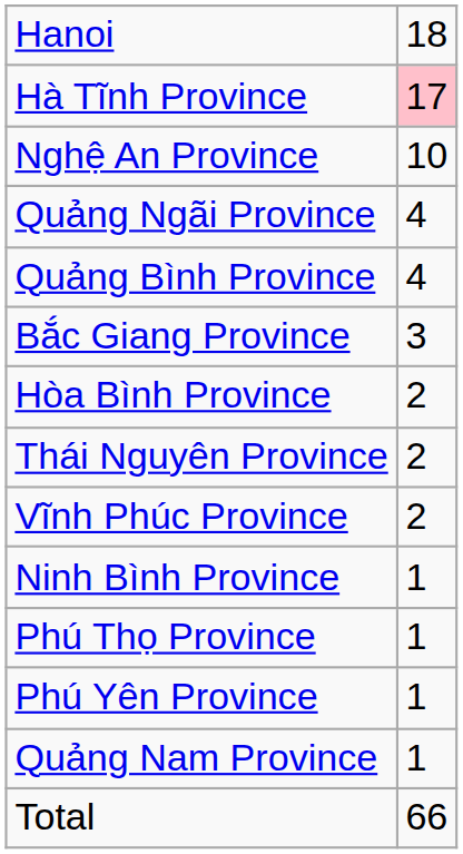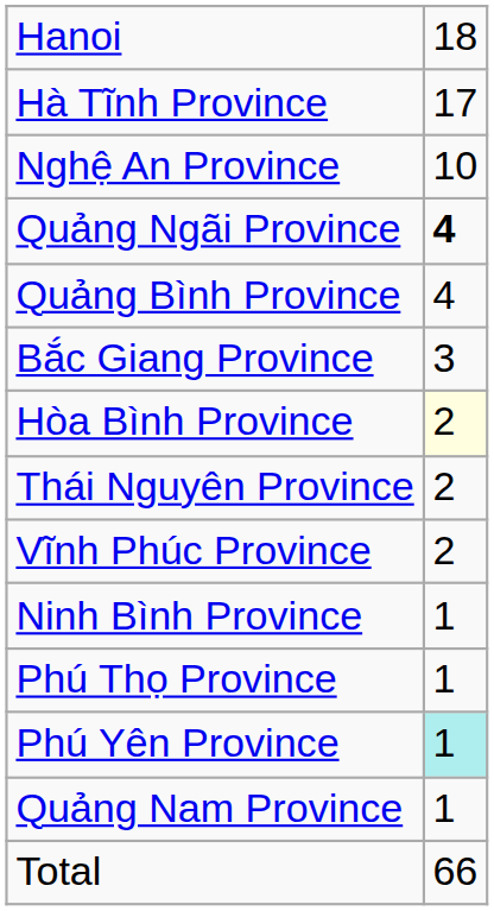 <table class="wikitable" style="float: right; margin:0 1em 0.5em 1em;">
 <tr>
 <td><a href='#'>Hanoi</a></td>
 <td>18</td>
 </tr>
 <tr>
 <td><a href='#'>Hà Tĩnh Province</a></td>
-<td style="background: pink;">17</td>
+<td>17</td>
 </tr>
 <tr>
 <td><a href='#'>Nghệ An Province</a></td>
 <td>10</td>
 </tr>
 <tr>
 <td><a href='#'>Quảng Ngãi Province</a></td>
-<td>4</td>
+<td><strong>4</strong></td>
 </tr>
 <tr>
 <td><a href='#'>Quảng Bình Province</a></td>
 <td>4</td>
 </tr>
 <tr>
 <td><a href='#'>Bắc Giang Province</a></td>
 <td>3</td>
 </tr>
 <tr>
 <td><a href='#'>Hòa Bình Province</a></td>
-<td>2</td>
+<td style="background: lightyellow;">2</td>
 </tr>
 <tr>
 <td><a href='#'>Thái Nguyên Province</a></td>
 <td>2</td>
 </tr>
 <tr>
 <td><a href='#'>Vĩnh Phúc Province</a></td>
 <td>2</td>
 </tr>
 <tr>
 <td><a href='#'>Ninh Bình Province</a></td>
 <td>1</td>
 </tr>
 <tr>
 <td><a href='#'>Phú Thọ Province</a></td>
 <td>1</td>
 </tr>
 <tr>
 <td><a href='#'>Phú Yên Province</a></td>
-<td>1</td>
+<td style="background: paleturquoise;">1</td>
 </tr>
 <tr>
 <td><a href='#'>Quảng Nam Province</a></td>
 <td>1</td>
 </tr>
 <tr>
 <td>Total</td>
 <td>66</td>
 </tr>
 </table>
